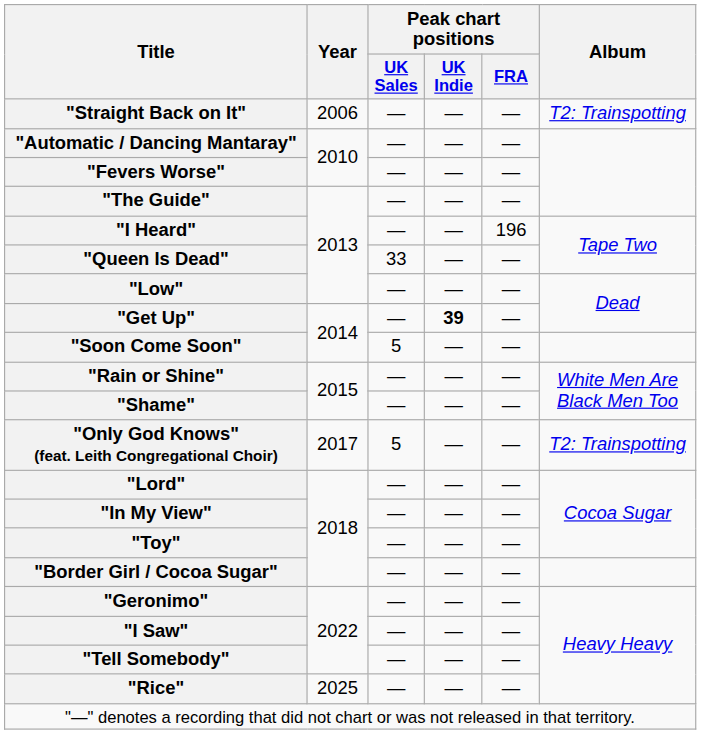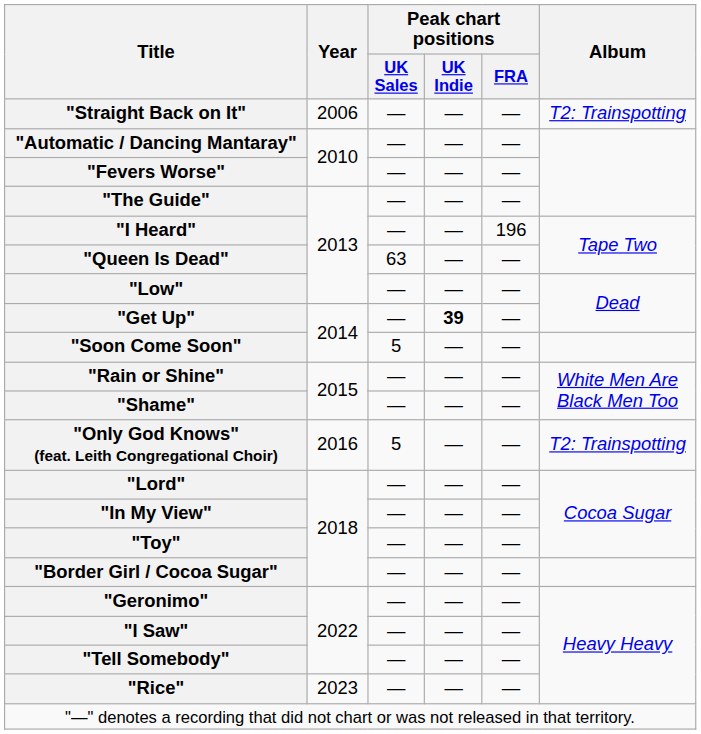 <table class="wikitable plainrowheaders" style="text-align:center;">
 <tr>
 <th scope="col" rowspan="2" style="width:16em;">Title</th>
 <th scope="col" rowspan="2" style="width:2.8em;">Year</th>
 <th scope="col" colspan="3">Peak chart positions</th>
 <th scope="col" rowspan="2" style="width:8em;">Album</th>
 </tr>
 <tr>
 <th scope="col" style="width:3em; font-size:90%;"><a href='#'>UK<br>Sales</a><br></th>
 <th scope="col" style="width:3em; font-size:90%;"><a href='#'>UK<br>Indie</a><br></th>
 <th scope="col" style="width:3em; font-size:90%;"><a href='#'>FRA</a><br></th>
 </tr>
 <tr>
 <th scope="row">"Straight Back on It"</th>
 <td>2006</td>
 <td>—</td>
 <td>—</td>
 <td>—</td>
 <td><em><a href='#'>T2: Trainspotting</a></em></td>
 </tr>
 <tr>
 <th scope="row">"Automatic / Dancing Mantaray"</th>
 <td rowspan="2">2010</td>
 <td>—</td>
 <td>—</td>
 <td>—</td>
 </tr>
 <tr>
 <th scope="row">"Fevers Worse"</th>
 <td>—</td>
 <td>—</td>
 <td>—</td>
 </tr>
 <tr>
 <th scope="row">"The Guide"</th>
 <td rowspan="4">2013</td>
 <td>—</td>
 <td>—</td>
 <td>—</td>
 </tr>
 <tr>
 <th scope="row">"I Heard"</th>
 <td>—</td>
 <td>—</td>
 <td>196</td>
 <td rowspan="2"><em><a href='#'>Tape Two</a></em></td>
 </tr>
 <tr>
 <th scope="row">"Queen Is Dead"</th>
-<td>33</td>
+<td>63</td>
 <td>—</td>
 <td>—</td>
 </tr>
 <tr>
 <th scope="row">"Low"</th>
 <td>—</td>
 <td>—</td>
 <td>—</td>
 <td rowspan="2"><em><a href='#'>Dead</a></em></td>
 </tr>
 <tr>
 <th scope="row">"Get Up"</th>
 <td rowspan="2">2014</td>
 <td>—</td>
 <td><strong>39</strong></td>
 <td>—</td>
 </tr>
 <tr>
 <th scope="row">"Soon Come Soon"</th>
 <td>5</td>
 <td>—</td>
 <td>—</td>
 <td></td>
 </tr>
 <tr>
 <th scope="row">"Rain or Shine"</th>
 <td rowspan="2">2015</td>
 <td>—</td>
 <td>—</td>
 <td>—</td>
 <td rowspan="2"><em><a href='#'>White Men Are Black Men Too</a></em></td>
 </tr>
 <tr>
 <th scope="row">"Shame"</th>
 <td>—</td>
 <td>—</td>
 <td>—</td>
 </tr>
 <tr>
 <th scope="row">"Only God Knows"<br><small>(feat. Leith Congregational Choir)</small></th>
-<td>2017</td>
+<td>2016</td>
 <td>5</td>
 <td>—</td>
 <td>—</td>
 <td><em><a href='#'>T2: Trainspotting</a></em></td>
 </tr>
 <tr>
 <th scope="row">"Lord"</th>
 <td rowspan="4">2018</td>
 <td>—</td>
 <td>—</td>
 <td>—</td>
 <td rowspan="3"><em><a href='#'>Cocoa Sugar</a></em></td>
 </tr>
 <tr>
 <th scope="row">"In My View"</th>
 <td>—</td>
 <td>—</td>
 <td>—</td>
 </tr>
 <tr>
 <th scope="row">"Toy"</th>
 <td>—</td>
 <td>—</td>
 <td>—</td>
 </tr>
 <tr>
 <th scope="row">"Border Girl / Cocoa Sugar"</th>
 <td>—</td>
 <td>—</td>
 <td>—</td>
 <td></td>
 </tr>
 <tr>
 <th scope="row">"Geronimo"</th>
 <td rowspan="3">2022</td>
 <td>—</td>
 <td>—</td>
 <td>—</td>
 <td rowspan="4"><em><a href='#'>Heavy Heavy</a></em></td>
 </tr>
 <tr>
 <th scope="row">"I Saw"</th>
 <td>—</td>
 <td>—</td>
 <td>—</td>
 </tr>
 <tr>
 <th scope="row">"Tell Somebody"</th>
 <td>—</td>
 <td>—</td>
 <td>—</td>
 </tr>
 <tr>
 <th scope="row">"Rice"</th>
-<td>2025</td>
+<td>2023</td>
 <td>—</td>
 <td>—</td>
 <td>—</td>
 </tr>
 <tr>
 <td colspan="14" style="font-size:90%">"—" denotes a recording that did not chart or was not released in that territory.</td>
 </tr>
 </table>
